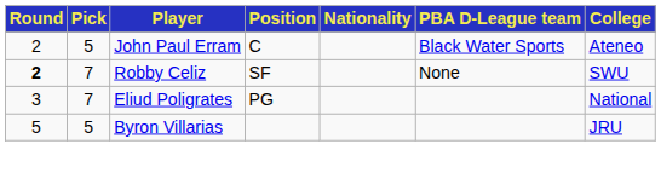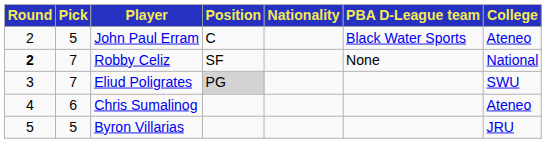 <table class="wikitable sortable sortable">
 <tr>
 <th style="background:#2631C2; color:#F4EB51; ">Round</th>
 <th style="background:#2631C2; color:#F4EB51; ">Pick</th>
 <th style="background:#2631C2; color:#F4EB51; ">Player</th>
 <th style="background:#2631C2; color:#F4EB51; ">Position</th>
 <th style="background:#2631C2; color:#F4EB51; ">Nationality</th>
 <th style="background:#2631C2; color:#F4EB51; ">PBA D-League team</th>
 <th style="background:#2631C2; color:#F4EB51; ">College</th>
 </tr>
 <tr>
 <td align=center>2</td>
 <td align=center>5</td>
 <td><a href='#'>John Paul Erram</a></td>
 <td>C</td>
 <td></td>
 <td><a href='#'>Black Water Sports</a></td>
 <td><a href='#'>Ateneo</a></td>
 </tr>
 <tr>
 <td align=center><strong>2</strong></td>
 <td align=center>7</td>
 <td><a href='#'>Robby Celiz</a></td>
 <td>SF</td>
 <td></td>
 <td>None</td>
-<td><a href='#'>SWU</a></td>
+<td><a href='#'>National</a></td>
 </tr>
 <tr>
 <td align=center>3</td>
 <td align=center>7</td>
 <td><a href='#'>Eliud Poligrates</a></td>
-<td>PG</td>
+<td style="background: lightgrey;">PG</td>
 <td></td>
 <td></td>
-<td><a href='#'>National</a></td>
+<td><a href='#'>SWU</a></td>
+</tr>
+<tr>
+<td align=center>4</td>
+<td align=center>6</td>
+<td><a href='#'>Chris Sumalinog</a></td>
+<td></td>
+<td></td>
+<td></td>
+<td><a href='#'>Ateneo</a></td>
 </tr>
 <tr>
 <td align=center>5</td>
 <td align=center>5</td>
 <td><a href='#'>Byron Villarias</a></td>
 <td></td>
 <td></td>
 <td></td>
 <td><a href='#'>JRU</a></td>
 </tr>
 </table>
